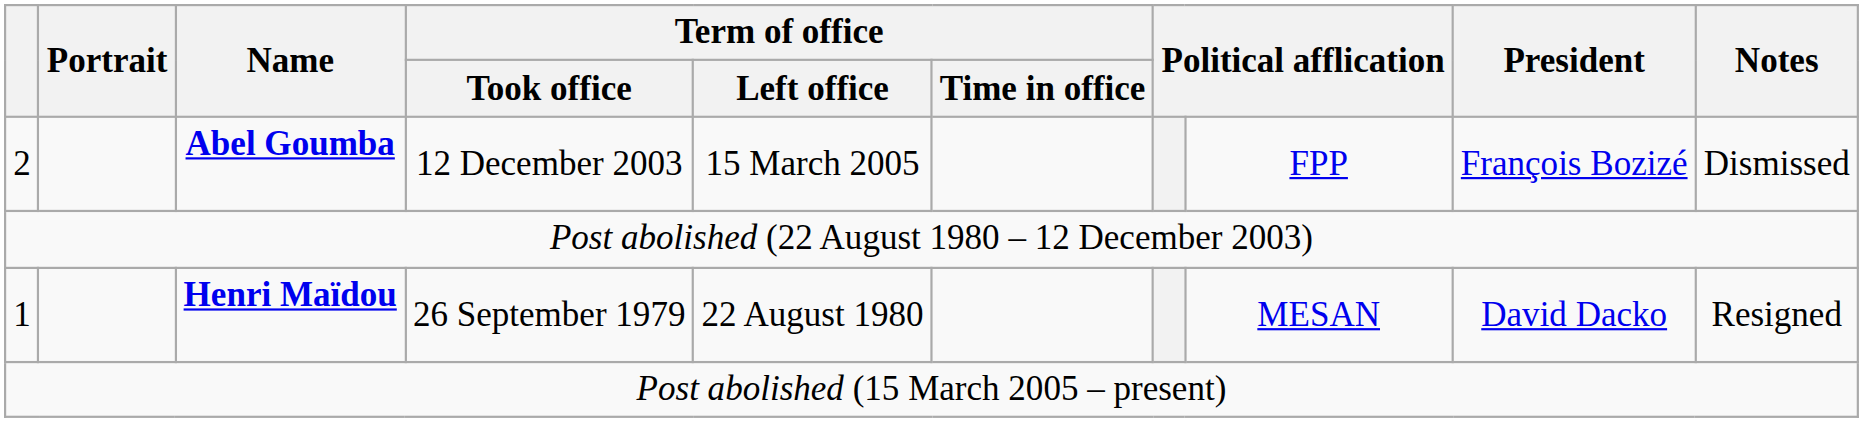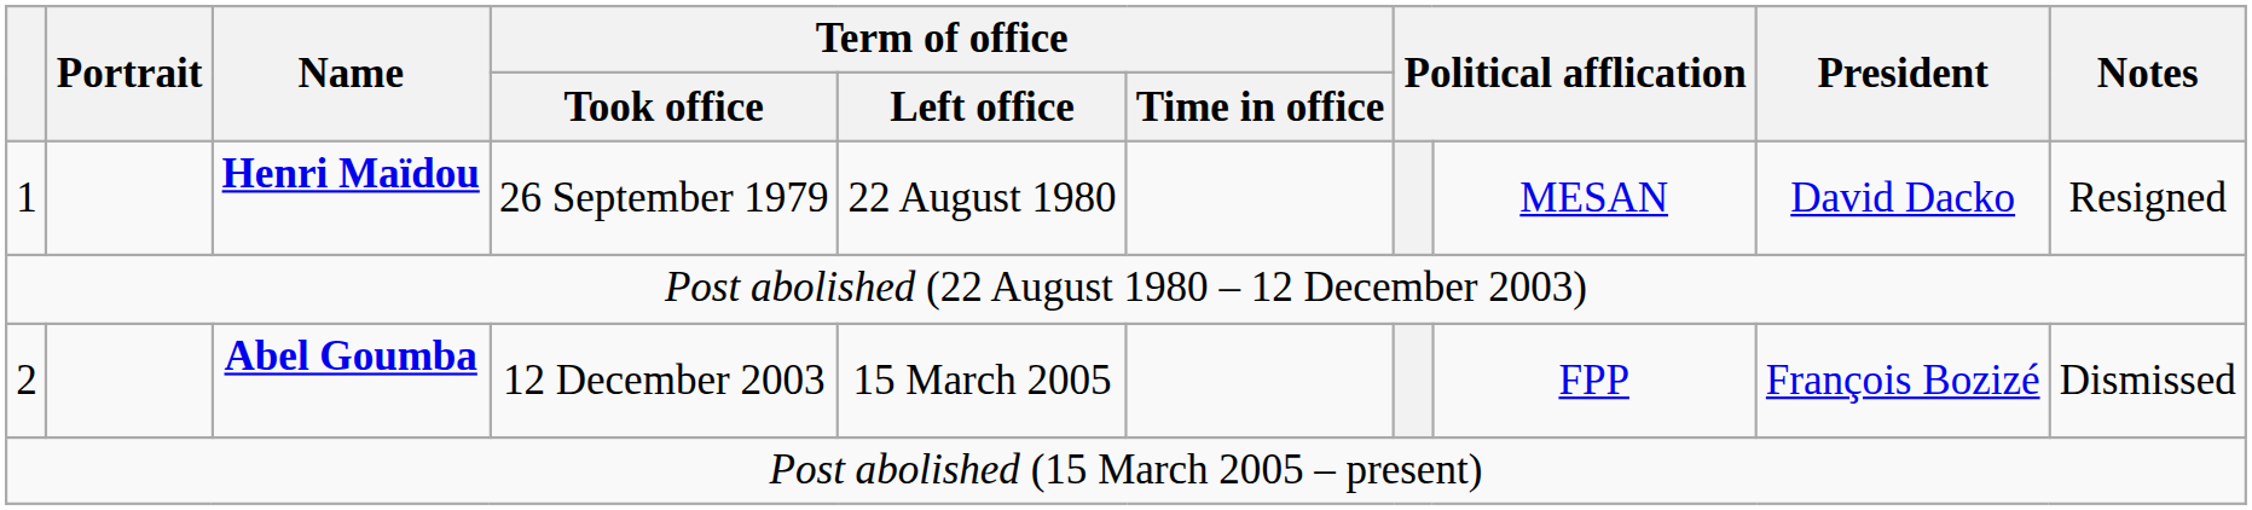 <table class="wikitable" style="text-align:center">
 <tr>
 <th rowspan=2></th>
 <th rowspan=2>Portrait</th>
 <th rowspan=2>Name<br></th>
 <th colspan=3>Term of office</th>
 <th colspan=2 rowspan=2>Political afflication</th>
 <th rowspan=2>President</th>
 <th rowspan=2>Notes</th>
 </tr>
 <tr>
 <th>Took office</th>
 <th>Left office</th>
 <th>Time in office</th>
 </tr>
 <tr>
+<td>1</td>
+<td></td>
+<td><strong><a href='#'>Henri Maïdou</a></strong><br><br></td>
+<td>26 September 1979</td>
+<td>22 August 1980</td>
+<td></td>
+<th style="background:"></th>
+<td><a href='#'>MESAN</a></td>
+<td><a href='#'>David Dacko</a></td>
+<td>Resigned</td>
+</tr>
+<tr>
+<td colspan="10"><em>Post abolished</em> (22 August 1980 – 12 December 2003)</td>
+</tr>
+<tr>
 <td>2</td>
 <td></td>
 <td><strong><a href='#'>Abel Goumba</a></strong><br><br></td>
 <td>12 December 2003</td>
 <td>15 March 2005</td>
 <td></td>
 <th style="background:"></th>
 <td><a href='#'>FPP</a></td>
 <td><a href='#'>François Bozizé</a></td>
 <td>Dismissed</td>
 </tr>
 <tr>
-<td colspan="10"><em>Post abolished</em> (22 August 1980 – 12 December 2003)</td>
-</tr>
-<tr>
-<td>1</td>
-<td></td>
-<td><strong><a href='#'>Henri Maïdou</a></strong><br><br></td>
-<td>26 September 1979</td>
-<td>22 August 1980</td>
-<td></td>
-<th style="background:"></th>
-<td><a href='#'>MESAN</a></td>
-<td><a href='#'>David Dacko</a></td>
-<td>Resigned</td>
-</tr>
-<tr>
 <td colspan="10"><em>Post abolished</em> (15 March 2005 – present)</td>
 </tr>
 </table>
